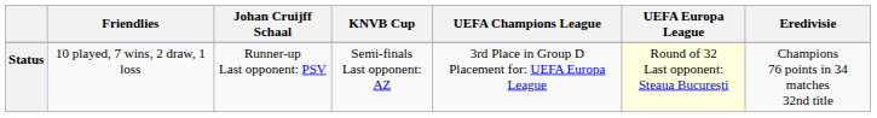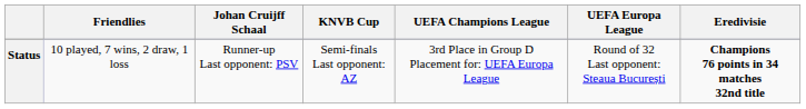 <table class="wikitable" style="width:100%; font-size:85%;">
 <tr>
 <th></th>
 <th style="border-bottom:1px solid #B5B7CF;">Friendlies</th>
 <th style="border-bottom:1px solid #B5B7CF;">Johan Cruijff Schaal</th>
 <th style="border-bottom:1px solid #B5B7CF;">KNVB Cup</th>
 <th style="border-bottom:1px solid #B5B7CF;">UEFA Champions League</th>
 <th style="border-bottom:1px solid #B5B7CF;">UEFA Europa League</th>
 <th style="border-bottom:1px solid #B5B7CF;">Eredivisie</th>
 </tr>
 <tr>
 </tr>
 <tr style="font-size:100%;" valign="top">
 <th style="border-right:1px solid #B5B7CF;text-align:right;padding-top:10px;">Status</th>
 <td align=center>10 played, 7 wins, 2 draw, 1 loss</td>
 <td align=center>Runner-up<br>Last opponent: <a href='#'>PSV</a></td>
 <td align=center>Semi-finals<br>Last opponent: <a href='#'>AZ</a></td>
 <td align=center>3rd Place in Group D<br>Placement for: <a href='#'>UEFA Europa League</a></td>
-<td align=center style="background: lightyellow;">Round of 32<br>Last opponent:<br><a href='#'>Steaua București</a></td>
-<td align=center>Champions<br>76 points in 34 matches<br>32nd title</td>
+<td align=center>Round of 32<br>Last opponent:<br><a href='#'>Steaua București</a></td>
+<td align=center><strong>Champions<br>76 points in 34 matches<br>32nd title</strong></td>
 </tr>
 </table>
